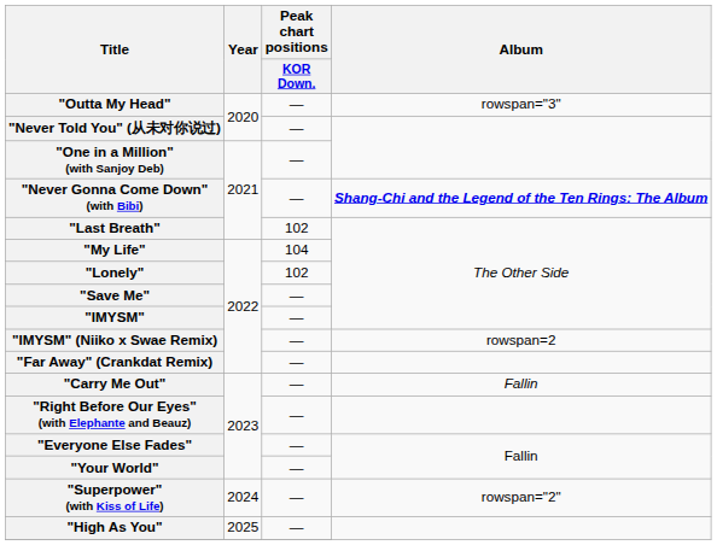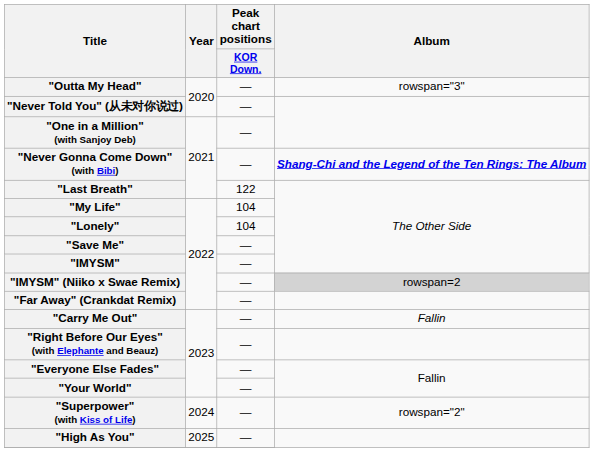 <table class="wikitable plainrowheaders" style="text-align:center">
 <tr>
 <th scope="col" rowspan="2">Title</th>
 <th scope="col" rowspan="2">Year</th>
 <th scope="col" colspan="1">Peak chart positions</th>
 <th scope="col" rowspan="2">Album</th>
 </tr>
 <tr>
 <th scope="col" style="width:3em;font-size:90%;"><a href='#'>KOR<br>Down.</a><br></th>
 </tr>
 <tr>
 <th scope="row">"Outta My Head"</th>
 <td rowspan="2">2020</td>
 <td>—</td>
 <td>rowspan="3" </td>
 </tr>
 <tr>
 <th scope="row">"Never Told You" (从未对你说过)</th>
 <td>—</td>
 </tr>
 <tr>
 <th scope="row">"One in a Million" <br><small>(with Sanjoy Deb)</small></th>
 <td rowspan="3">2021</td>
 <td>—</td>
 </tr>
 <tr>
 <th scope="row">"Never Gonna Come Down"<br><small>(with <a href='#'>Bibi</a>)</small></th>
 <td>—</td>
 <td><strong><em><a href='#'>Shang-Chi and the Legend of the Ten Rings: The Album</a></em></strong></td>
 </tr>
 <tr>
 <th scope="row">"Last Breath"</th>
-<td>102</td>
+<td>122</td>
 <td rowspan="5"><em>The Other Side</em></td>
 </tr>
 <tr>
 <th scope="row">"My Life"</th>
 <td rowspan="6">2022</td>
 <td>104</td>
 </tr>
 <tr>
 <th scope="row">"Lonely"</th>
-<td>102</td>
+<td>104</td>
 </tr>
 <tr>
 <th scope="row">"Save Me"</th>
 <td>—</td>
 </tr>
 <tr>
 <th scope="row">"IMYSM"</th>
 <td>—</td>
 </tr>
 <tr>
 <th scope="row">"IMYSM" (Niiko x Swae Remix)</th>
 <td>—</td>
-<td>rowspan=2 </td>
+<td style="background: lightgrey;">rowspan=2 </td>
 </tr>
 <tr>
 <th scope="row">"Far Away" (Crankdat Remix)</th>
 <td>—</td>
 </tr>
 <tr>
 <th scope="row">"Carry Me Out"</th>
 <td rowspan="4">2023</td>
 <td>—</td>
 <td><em>Fallin<strong></td>
 </tr>
 <tr>
 <th scope="row">"Right Before Our Eyes"<br><small>(with <a href='#'>Elephante</a> and Beauz)</small></th>
 <td>—</td>
 <td></td>
 </tr>
 <tr>
 <th scope="row">"Everyone Else Fades"</th>
 <td>—</td>
 <td rowspan=2></em>Fallin</strong></td>
 </tr>
 <tr>
 <th scope="row">"Your World"</th>
 <td>—</td>
 </tr>
 <tr>
 <th scope="row">"Superpower"<br><small>(with <a href='#'>Kiss of Life</a>)</small></th>
 <td>2024</td>
 <td>—</td>
 <td>rowspan="2" </td>
 </tr>
 <tr>
 <th scope="row">"High As You"</th>
 <td>2025</td>
 <td>—</td>
 </tr>
 <tr>
 </tr>
 </table>
